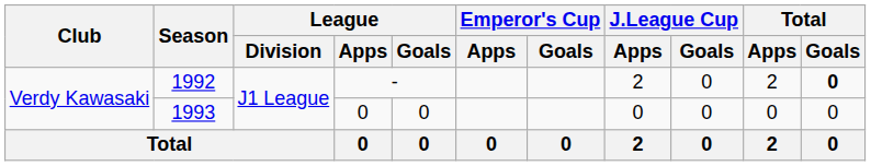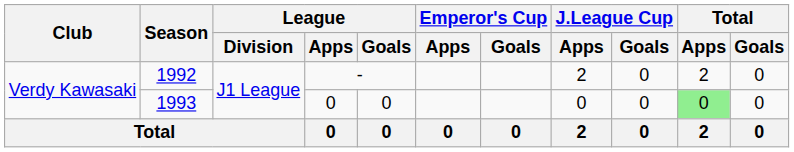 <table class="wikitable" style="text-align:center;">
 <tr>
 <th rowspan="2">Club</th>
 <th rowspan="2">Season</th>
 <th colspan="3">League</th>
 <th colspan="2"><a href='#'>Emperor's Cup</a></th>
 <th colspan="2"><a href='#'>J.League Cup</a></th>
 <th colspan="2">Total</th>
 </tr>
 <tr>
 <th>Division</th>
 <th>Apps</th>
 <th>Goals</th>
 <th>Apps</th>
 <th>Goals</th>
 <th>Apps</th>
 <th>Goals</th>
 <th>Apps</th>
 <th>Goals</th>
 </tr>
 <tr>
 <td rowspan="2"><a href='#'>Verdy Kawasaki</a></td>
 <td><a href='#'>1992</a></td>
 <td rowspan="2"><a href='#'>J1 League</a></td>
 <td colspan="2">-</td>
 <td></td>
 <td></td>
 <td>2</td>
 <td>0</td>
 <td>2</td>
-<td><strong>0</strong></td>
+<td>0</td>
 </tr>
 <tr>
 <td><a href='#'>1993</a></td>
 <td>0</td>
 <td>0</td>
 <td></td>
 <td></td>
 <td>0</td>
 <td>0</td>
-<td>0</td>
+<td style="background: lightgreen;">0</td>
 <td>0</td>
 </tr>
 <tr>
 <th colspan="3">Total</th>
 <th>0</th>
 <th>0</th>
 <th>0</th>
 <th>0</th>
 <th>2</th>
 <th>0</th>
 <th>2</th>
 <th>0</th>
 </tr>
 </table>
